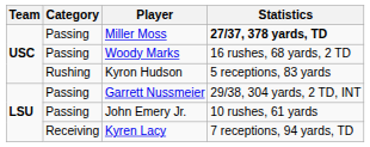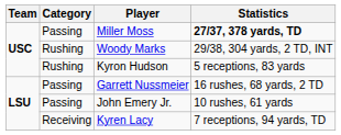 <table class="wikitable" style="float: right;">
 <tr>
 <th>Team</th>
 <th>Category</th>
 <th>Player</th>
 <th>Statistics</th>
 </tr>
 <tr>
 <td rowspan=3><strong>USC</strong></td>
 <td>Passing</td>
 <td><a href='#'>Miller Moss</a></td>
 <td><strong>27/37, 378 yards, TD</strong></td>
 </tr>
 <tr>
-<td>Passing</td>
+<td>Rushing</td>
 <td><a href='#'>Woody Marks</a></td>
-<td>16 rushes, 68 yards, 2 TD</td>
+<td>29/38, 304 yards, 2 TD, INT</td>
 </tr>
 <tr>
 <td>Rushing</td>
 <td>Kyron Hudson</td>
 <td>5 receptions, 83 yards</td>
 </tr>
 <tr>
 <td rowspan=3><strong>LSU</strong></td>
 <td>Passing</td>
 <td><a href='#'>Garrett Nussmeier</a></td>
-<td>29/38, 304 yards, 2 TD, INT</td>
+<td>16 rushes, 68 yards, 2 TD</td>
 </tr>
 <tr>
 <td>Passing</td>
 <td>John Emery Jr.</td>
 <td>10 rushes, 61 yards</td>
 </tr>
 <tr>
 <td>Receiving</td>
 <td><a href='#'>Kyren Lacy</a></td>
 <td>7 receptions, 94 yards, TD</td>
 </tr>
 </table>
